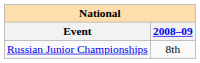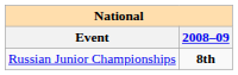 <table class="wikitable" style="text-align:center">
 <tr>
 <th style="background-color: #ffdead; " colspan=2 align=center>National</th>
 </tr>
 <tr>
 <th>Event</th>
 <th><a href='#'>2008–09</a></th>
 </tr>
 <tr>
 <td align=left><a href='#'>Russian Junior Championships</a></td>
-<td>8th</td>
+<td><strong>8th</strong></td>
 </tr>
 </table>
